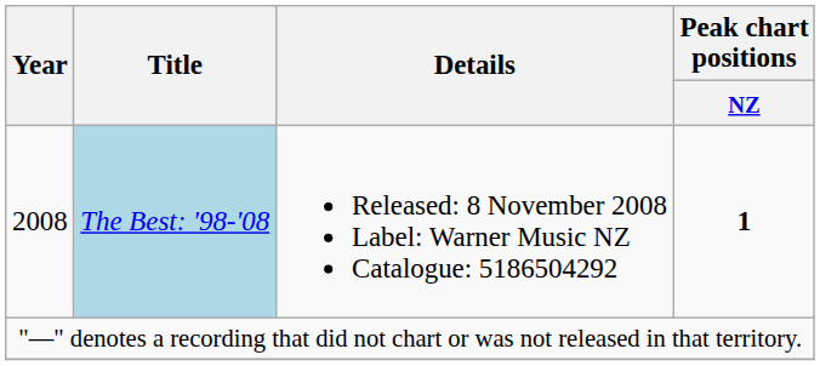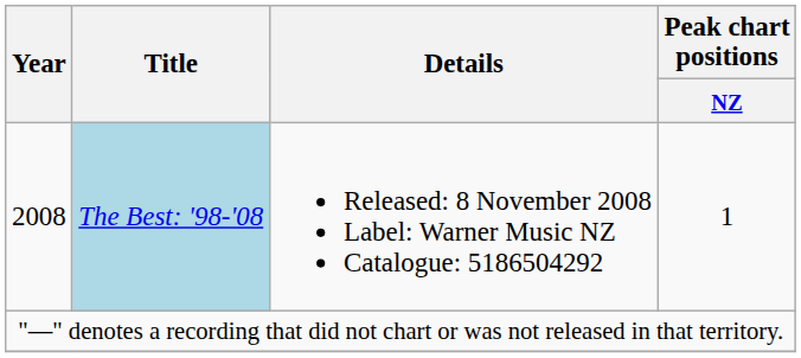 <table class="wikitable plainrowheaders">
 <tr>
 <th rowspan="2">Year</th>
 <th rowspan="2">Title</th>
 <th rowspan="2">Details</th>
 <th>Peak chart<br>positions</th>
 </tr>
 <tr>
 <th><small><a href='#'>NZ</a></small></th>
 </tr>
 <tr>
 <td>2008</td>
 <td style="background: lightblue;"><em><a href='#'>The Best: '98-'08</a></em></td>
 <td><br><ul><li>Released: 8 November 2008</li><li>Label: Warner Music NZ</li><li>Catalogue: 5186504292</li></ul></td>
-<td align="center"><strong>1</strong></td>
+<td align="center">1</td>
 </tr>
 <tr>
 <td colspan="4" style="font-size:90%" align="center">"—" denotes a recording that did not chart or was not released in that territory.</td>
 </tr>
 <tr>
 </tr>
 </table>
